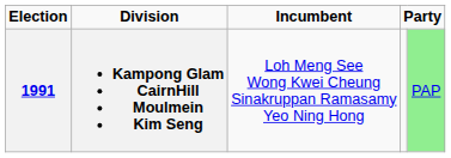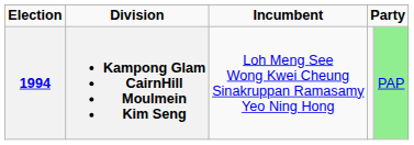 <table class="wikitable" align="center" style="text-align:center">
 <tr>
 <td><strong>Election </strong></td>
 <td><strong>Division </strong></td>
 <td><strong>Incumbent</strong></td>
 <td colspan="2"><strong>Party</strong></td>
 </tr>
 <tr>
-<th><a href='#'>1991</a></th>
+<th><a href='#'>1994</a></th>
 <th><br><ul><li>Kampong Glam</li><li>CairnHill</li><li>Moulmein</li><li>Kim Seng</li></ul></th>
 <td><a href='#'>Loh Meng See</a><br><a href='#'>Wong Kwei Cheung</a><br><a href='#'>Sinakruppan Ramasamy</a><br><a href='#'>Yeo Ning Hong</a></td>
 <td></td>
 <td style="background: lightgreen;"><a href='#'>PAP</a></td>
 </tr>
 </table>
